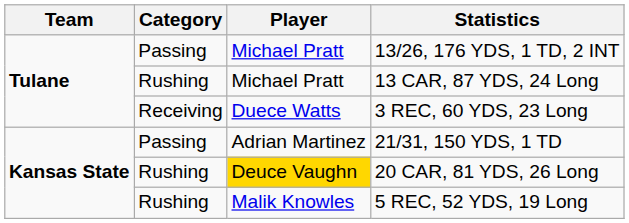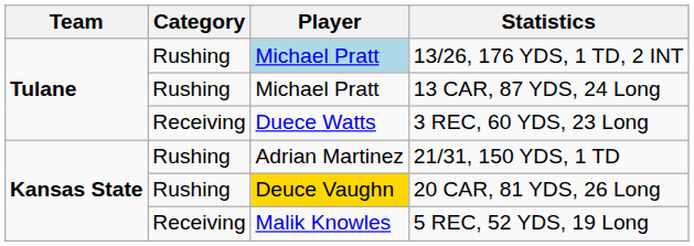 <table class="wikitable" style="float: right;">
 <tr>
 <th>Team</th>
 <th>Category</th>
 <th>Player</th>
 <th>Statistics</th>
 </tr>
 <tr>
 <td rowspan=3><strong>Tulane</strong></td>
-<td>Passing</td>
-<td><a href='#'>Michael Pratt</a></td>
+<td>Rushing</td>
+<td style="background: lightblue;"><a href='#'>Michael Pratt</a></td>
 <td>13/26, 176 YDS, 1 TD, 2 INT</td>
 </tr>
 <tr>
 <td>Rushing</td>
 <td>Michael Pratt</td>
 <td>13 CAR, 87 YDS, 24 Long</td>
 </tr>
 <tr>
 <td>Receiving</td>
 <td><a href='#'>Duece Watts</a></td>
 <td>3 REC, 60 YDS, 23 Long</td>
 </tr>
 <tr>
 <td rowspan=3><strong>Kansas State</strong></td>
-<td>Passing</td>
+<td>Rushing</td>
 <td>Adrian Martinez</td>
 <td>21/31, 150 YDS, 1 TD</td>
 </tr>
 <tr>
 <td>Rushing</td>
 <td style="background: gold;">Deuce Vaughn</td>
 <td>20 CAR, 81 YDS, 26 Long</td>
 </tr>
 <tr>
-<td>Rushing</td>
+<td>Receiving</td>
 <td><a href='#'>Malik Knowles</a></td>
 <td>5 REC, 52 YDS, 19 Long</td>
 </tr>
 </table>
